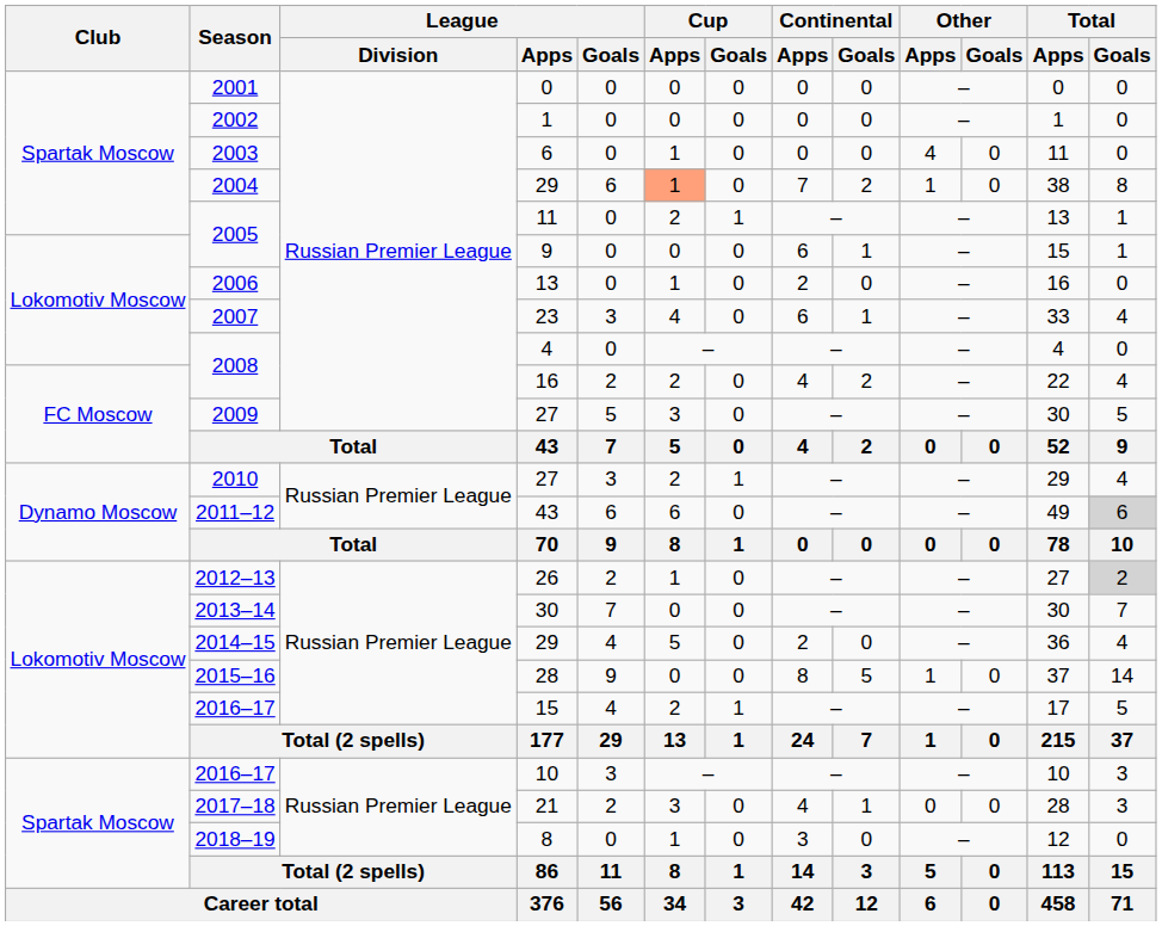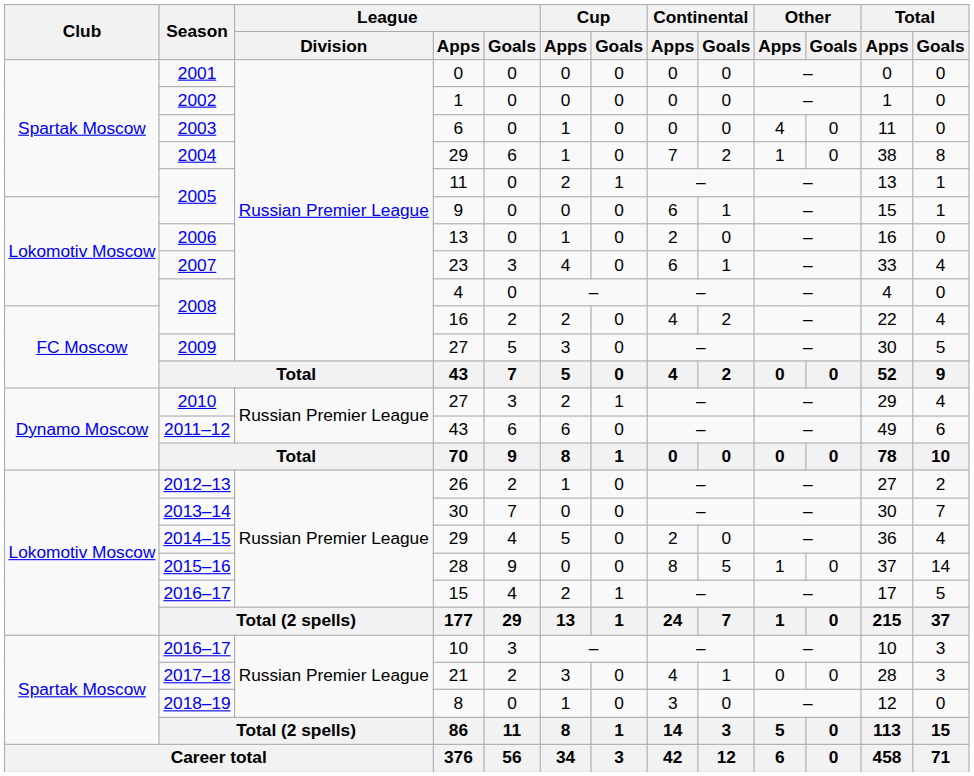 <table class="wikitable" style="text-align: center;">
 <tr>
 <th rowspan=2>Club</th>
 <th rowspan=2>Season</th>
 <th colspan=3>League</th>
 <th colspan=2>Cup</th>
 <th colspan=2>Continental</th>
 <th colspan=2>Other</th>
 <th colspan=2>Total</th>
 </tr>
 <tr>
 <th>Division</th>
 <th>Apps</th>
 <th>Goals</th>
 <th>Apps</th>
 <th>Goals</th>
 <th>Apps</th>
 <th>Goals</th>
 <th>Apps</th>
 <th>Goals</th>
 <th>Apps</th>
 <th>Goals</th>
 </tr>
 <tr>
 <td rowspan=5><a href='#'>Spartak Moscow</a></td>
 <td><a href='#'>2001</a></td>
 <td rowspan=11><a href='#'>Russian Premier League</a></td>
 <td>0</td>
 <td>0</td>
 <td>0</td>
 <td>0</td>
 <td>0</td>
 <td>0</td>
 <td colspan=2>–</td>
 <td>0</td>
 <td>0</td>
 </tr>
 <tr>
 <td><a href='#'>2002</a></td>
 <td>1</td>
 <td>0</td>
 <td>0</td>
 <td>0</td>
 <td>0</td>
 <td>0</td>
 <td colspan=2>–</td>
 <td>1</td>
 <td>0</td>
 </tr>
 <tr>
 <td><a href='#'>2003</a></td>
 <td>6</td>
 <td>0</td>
 <td>1</td>
 <td>0</td>
 <td>0</td>
 <td>0</td>
 <td>4</td>
 <td>0</td>
 <td>11</td>
 <td>0</td>
 </tr>
 <tr>
 <td><a href='#'>2004</a></td>
 <td>29</td>
 <td>6</td>
-<td style="background: lightsalmon;">1</td>
+<td>1</td>
 <td>0</td>
 <td>7</td>
 <td>2</td>
 <td>1</td>
 <td>0</td>
 <td>38</td>
 <td>8</td>
 </tr>
 <tr>
 <td rowspan=2><a href='#'>2005</a></td>
 <td>11</td>
 <td>0</td>
 <td>2</td>
 <td>1</td>
 <td colspan=2>–</td>
 <td colspan=2>–</td>
 <td>13</td>
 <td>1</td>
 </tr>
 <tr>
 <td rowspan=4><a href='#'>Lokomotiv Moscow</a></td>
 <td>9</td>
 <td>0</td>
 <td>0</td>
 <td>0</td>
 <td>6</td>
 <td>1</td>
 <td colspan=2>–</td>
 <td>15</td>
 <td>1</td>
 </tr>
 <tr>
 <td><a href='#'>2006</a></td>
 <td>13</td>
 <td>0</td>
 <td>1</td>
 <td>0</td>
 <td>2</td>
 <td>0</td>
 <td colspan=2>–</td>
 <td>16</td>
 <td>0</td>
 </tr>
 <tr>
 <td><a href='#'>2007</a></td>
 <td>23</td>
 <td>3</td>
 <td>4</td>
 <td>0</td>
 <td>6</td>
 <td>1</td>
 <td colspan=2>–</td>
 <td>33</td>
 <td>4</td>
 </tr>
 <tr>
 <td rowspan=2><a href='#'>2008</a></td>
 <td>4</td>
 <td>0</td>
 <td colspan=2>–</td>
 <td colspan=2>–</td>
 <td colspan=2>–</td>
 <td>4</td>
 <td>0</td>
 </tr>
 <tr>
 <td rowspan=3><a href='#'>FC Moscow</a></td>
 <td>16</td>
 <td>2</td>
 <td>2</td>
 <td>0</td>
 <td>4</td>
 <td>2</td>
 <td colspan=2>–</td>
 <td>22</td>
 <td>4</td>
 </tr>
 <tr>
 <td><a href='#'>2009</a></td>
 <td>27</td>
 <td>5</td>
 <td>3</td>
 <td>0</td>
 <td colspan=2>–</td>
 <td colspan=2>–</td>
 <td>30</td>
 <td>5</td>
 </tr>
 <tr>
 <th colspan=2>Total</th>
 <th>43</th>
 <th>7</th>
 <th>5</th>
 <th>0</th>
 <th>4</th>
 <th>2</th>
 <th>0</th>
 <th>0</th>
 <th>52</th>
 <th>9</th>
 </tr>
 <tr>
 <td rowspan=3><a href='#'>Dynamo Moscow</a></td>
 <td><a href='#'>2010</a></td>
 <td rowspan=2>Russian Premier League</td>
 <td>27</td>
 <td>3</td>
 <td>2</td>
 <td>1</td>
 <td colspan=2>–</td>
 <td colspan=2>–</td>
 <td>29</td>
 <td>4</td>
 </tr>
 <tr>
 <td><a href='#'>2011–12</a></td>
 <td>43</td>
 <td>6</td>
 <td>6</td>
 <td>0</td>
 <td colspan=2>–</td>
 <td colspan=2>–</td>
 <td>49</td>
-<td style="background: lightgrey;">6</td>
+<td>6</td>
 </tr>
 <tr>
 <th colspan=2>Total</th>
 <th>70</th>
 <th>9</th>
 <th>8</th>
 <th>1</th>
 <th>0</th>
 <th>0</th>
 <th>0</th>
 <th>0</th>
 <th>78</th>
 <th>10</th>
 </tr>
 <tr>
 <td rowspan=6><a href='#'>Lokomotiv Moscow</a></td>
 <td><a href='#'>2012–13</a></td>
 <td rowspan=5>Russian Premier League</td>
 <td>26</td>
 <td>2</td>
 <td>1</td>
 <td>0</td>
 <td colspan=2>–</td>
 <td colspan=2>–</td>
 <td>27</td>
-<td style="background: lightgrey;">2</td>
+<td>2</td>
 </tr>
 <tr>
 <td><a href='#'>2013–14</a></td>
 <td>30</td>
 <td>7</td>
 <td>0</td>
 <td>0</td>
 <td colspan=2>–</td>
 <td colspan=2>–</td>
 <td>30</td>
 <td>7</td>
 </tr>
 <tr>
 <td><a href='#'>2014–15</a></td>
 <td>29</td>
 <td>4</td>
 <td>5</td>
 <td>0</td>
 <td>2</td>
 <td>0</td>
 <td colspan=2>–</td>
 <td>36</td>
 <td>4</td>
 </tr>
 <tr>
 <td><a href='#'>2015–16</a></td>
 <td>28</td>
 <td>9</td>
 <td>0</td>
 <td>0</td>
 <td>8</td>
 <td>5</td>
 <td>1</td>
 <td>0</td>
 <td>37</td>
 <td>14</td>
 </tr>
 <tr>
 <td><a href='#'>2016–17</a></td>
 <td>15</td>
 <td>4</td>
 <td>2</td>
 <td>1</td>
 <td colspan=2>–</td>
 <td colspan=2>–</td>
 <td>17</td>
 <td>5</td>
 </tr>
 <tr>
 <th colspan=2>Total (2 spells)</th>
 <th>177</th>
 <th>29</th>
 <th>13</th>
 <th>1</th>
 <th>24</th>
 <th>7</th>
 <th>1</th>
 <th>0</th>
 <th>215</th>
 <th>37</th>
 </tr>
 <tr>
 <td rowspan=4><a href='#'>Spartak Moscow</a></td>
 <td><a href='#'>2016–17</a></td>
 <td rowspan=3>Russian Premier League</td>
 <td>10</td>
 <td>3</td>
 <td colspan=2>–</td>
 <td colspan=2>–</td>
 <td colspan=2>–</td>
 <td>10</td>
 <td>3</td>
 </tr>
 <tr>
 <td><a href='#'>2017–18</a></td>
 <td>21</td>
 <td>2</td>
 <td>3</td>
 <td>0</td>
 <td>4</td>
 <td>1</td>
 <td>0</td>
 <td>0</td>
 <td>28</td>
 <td>3</td>
 </tr>
 <tr>
 <td><a href='#'>2018–19</a></td>
 <td>8</td>
 <td>0</td>
 <td>1</td>
 <td>0</td>
 <td>3</td>
 <td>0</td>
 <td colspan=2>–</td>
 <td>12</td>
 <td>0</td>
 </tr>
 <tr>
 <th colspan=2>Total (2 spells)</th>
 <th>86</th>
 <th>11</th>
 <th>8</th>
 <th>1</th>
 <th>14</th>
 <th>3</th>
 <th>5</th>
 <th>0</th>
 <th>113</th>
 <th>15</th>
 </tr>
 <tr>
 <th colspan=3>Career total</th>
 <th>376</th>
 <th>56</th>
 <th>34</th>
 <th>3</th>
 <th>42</th>
 <th>12</th>
 <th>6</th>
 <th>0</th>
 <th>458</th>
 <th>71</th>
 </tr>
 </table>
